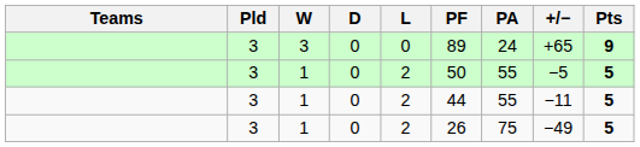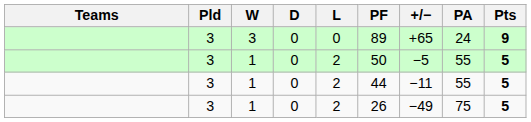 <table class="wikitable" style="text-align: center;">
 <tr>
 <th width="200">Teams</th>
 <th width="40">Pld</th>
 <th width="40">W</th>
 <th width="40">D</th>
 <th width="40">L</th>
 <th width="40">PF</th>
+<th width="40">+/−</th>
 <th width="40">PA</th>
-<th width="40">+/−</th>
 <th width="40">Pts</th>
 </tr>
 <tr bgcolor=ccffcc>
 <td align=left></td>
 <td>3</td>
 <td>3</td>
 <td>0</td>
 <td>0</td>
 <td>89</td>
+<td>+65</td>
 <td>24</td>
-<td>+65</td>
 <td><strong>9</strong></td>
 </tr>
 <tr bgcolor=ccffcc>
 <td align=left></td>
 <td>3</td>
 <td>1</td>
 <td>0</td>
 <td>2</td>
 <td>50</td>
+<td>−5</td>
 <td>55</td>
-<td>−5</td>
 <td><strong>5</strong></td>
 </tr>
 <tr>
 <td align=left></td>
 <td>3</td>
 <td>1</td>
 <td>0</td>
 <td>2</td>
 <td>44</td>
+<td>−11</td>
 <td>55</td>
-<td>−11</td>
 <td><strong>5</strong></td>
 </tr>
 <tr>
 <td align=left></td>
 <td>3</td>
 <td>1</td>
 <td>0</td>
 <td>2</td>
 <td>26</td>
+<td>−49</td>
 <td>75</td>
-<td>−49</td>
 <td><strong>5</strong></td>
 </tr>
 </table>
